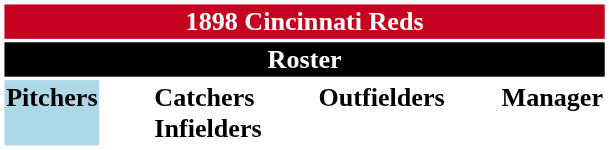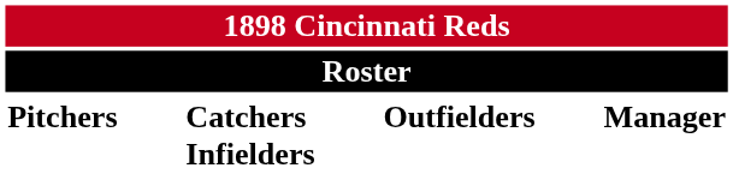 <table class="toccolours" style="font-size: 95%;">
 <tr>
 <th colspan="10" style="background-color: #c6011f; color: white; text-align: center;">1898 Cincinnati Reds</th>
 </tr>
 <tr>
 <td colspan="10" style="background-color: black; color: white; text-align: center;"><strong>Roster</strong></td>
 </tr>
 <tr>
-<td valign="top" style="background: lightblue;"><strong>Pitchers</strong><br>      </td>
+<td valign="top"><strong>Pitchers</strong><br>      </td>
 <td width="25px"></td>
 <td valign="top"><strong>Catchers</strong><br>  <strong>Infielders</strong>      </td>
 <td width="25px"></td>
 <td valign="top"><strong>Outfielders</strong><br>    </td>
 <td width="25px"></td>
 <td valign="top"><strong>Manager</strong><br></td>
 </tr>
 </table>
